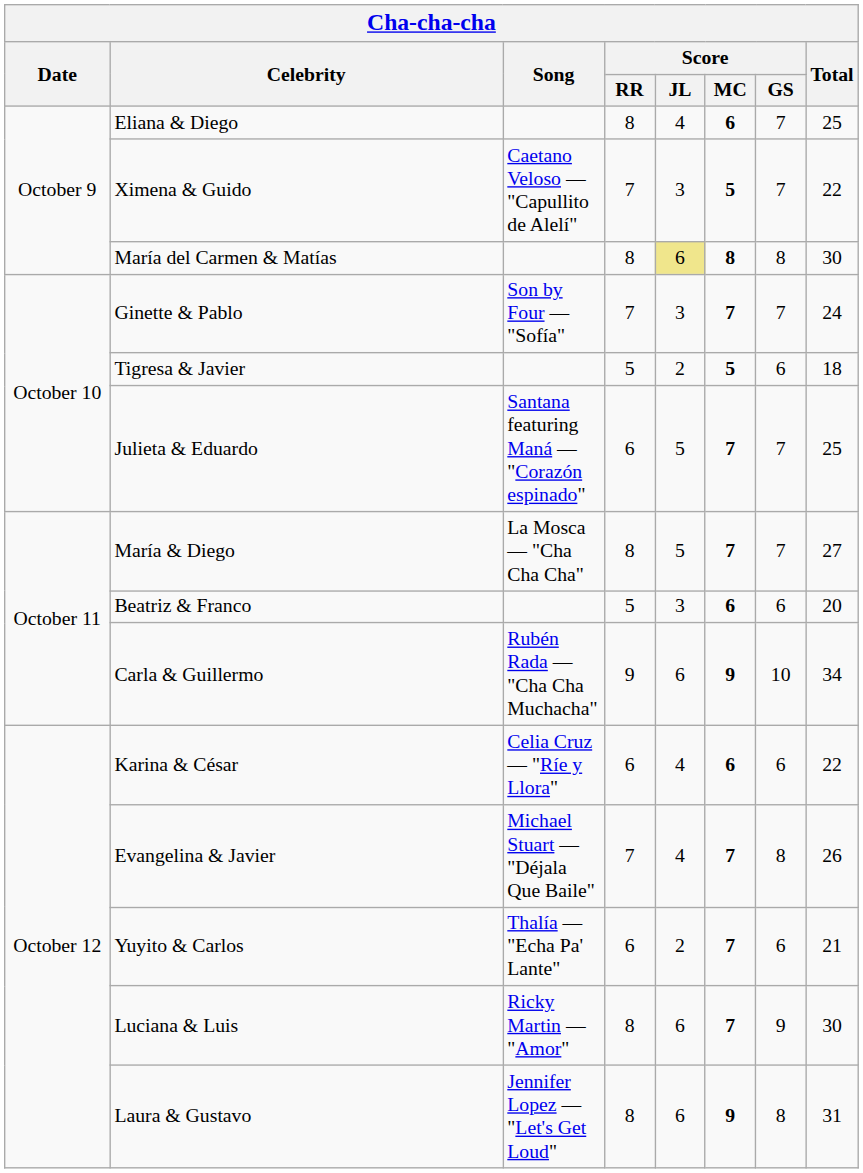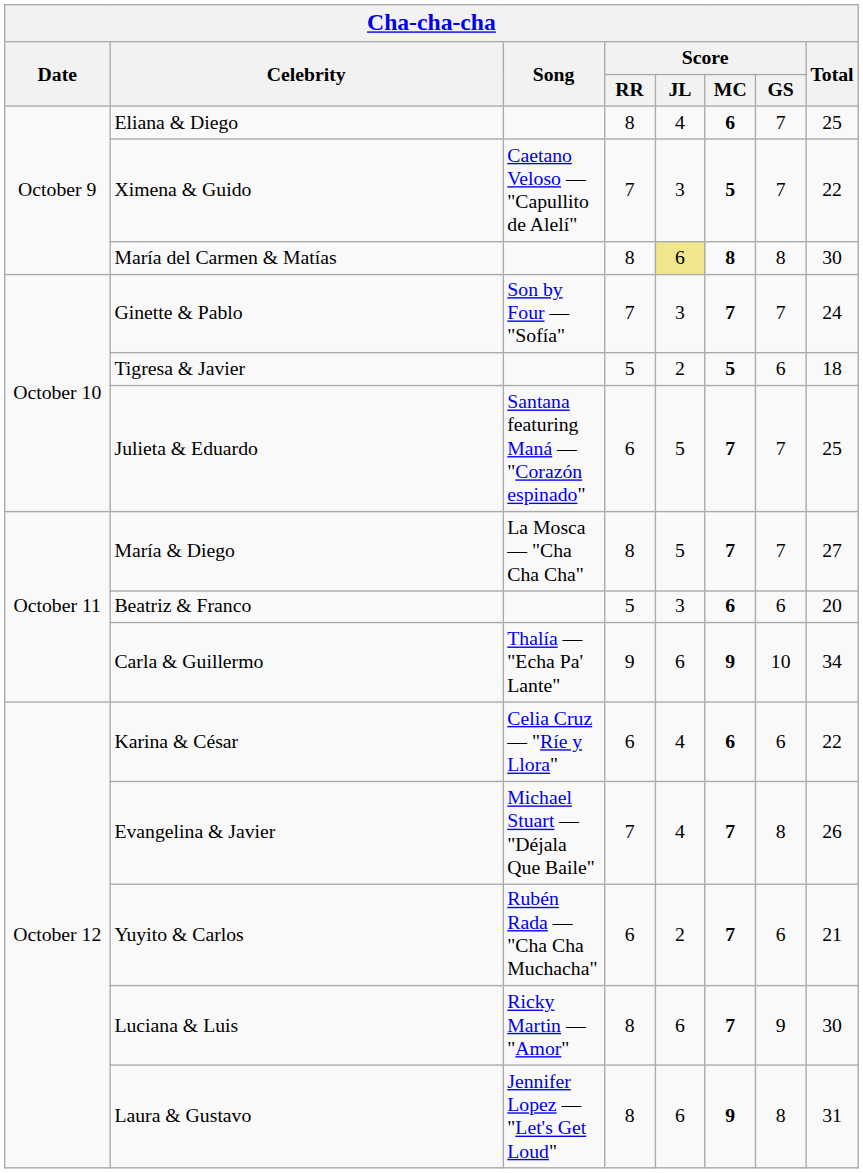 <table class="wikitable collapsible collapsed" style="font-size:90%; text-align: center; width: 100%;">
 <tr>
 <th colspan="11" style="with: 95%;"><big><a href='#'>Cha-cha-cha</a></big></th>
 </tr>
 <tr>
 <th width=70 rowspan="2">Date</th>
 <th width=280 rowspan="2">Celebrity</th>
 <th rowspan="2">Song</th>
 <th colspan="4">Score</th>
 <th rowspan="2">Total</th>
 </tr>
 <tr>
 <th width=30>RR</th>
 <th width=30>JL</th>
 <th width=30>MC</th>
 <th width=30>GS</th>
 </tr>
 <tr>
 <td rowspan="3">October 9</td>
 <td style="text-align:left;">Eliana & Diego</td>
 <td></td>
 <td>8</td>
 <td>4</td>
 <td><strong>6</strong></td>
 <td>7</td>
 <td>25</td>
 </tr>
 <tr>
 <td style="text-align:left;">Ximena & Guido</td>
 <td style="text-align:left;"><a href='#'>Caetano Veloso</a> — "Capullito de Alelí"</td>
 <td>7</td>
 <td>3</td>
 <td><strong>5</strong></td>
 <td>7</td>
 <td>22</td>
 </tr>
 <tr>
 <td style="text-align:left;">María del Carmen & Matías</td>
 <td></td>
 <td>8</td>
 <td style="background: khaki;">6</td>
 <td><strong>8</strong></td>
 <td>8</td>
 <td>30</td>
 </tr>
 <tr>
 <td rowspan="3">October 10</td>
 <td style="text-align:left;">Ginette & Pablo</td>
 <td style="text-align:left;"><a href='#'>Son by Four</a> — "Sofía"</td>
 <td>7</td>
 <td>3</td>
 <td><strong>7</strong></td>
 <td>7</td>
 <td>24</td>
 </tr>
 <tr>
 <td style="text-align:left;">Tigresa & Javier</td>
 <td></td>
 <td>5</td>
 <td>2</td>
 <td><strong>5</strong></td>
 <td>6</td>
 <td>18</td>
 </tr>
 <tr>
 <td style="text-align:left;">Julieta & Eduardo</td>
 <td style="text-align:left;"><a href='#'>Santana</a> featuring <a href='#'>Maná</a> — "<a href='#'>Corazón espinado</a>"</td>
 <td>6</td>
 <td>5</td>
 <td><strong>7</strong></td>
 <td>7</td>
 <td>25</td>
 </tr>
 <tr>
 <td rowspan="3">October 11</td>
 <td style="text-align:left;">María & Diego</td>
 <td style="text-align:left;">La Mosca — "Cha Cha Cha"</td>
 <td>8</td>
 <td>5</td>
 <td><strong>7</strong></td>
 <td>7</td>
 <td>27</td>
 </tr>
 <tr>
 <td style="text-align:left;">Beatriz & Franco</td>
 <td></td>
 <td>5</td>
 <td>3</td>
 <td><strong>6</strong></td>
 <td>6</td>
 <td>20</td>
 </tr>
 <tr>
 <td style="text-align:left;">Carla & Guillermo</td>
-<td style="text-align:left;"><a href='#'>Rubén Rada</a> — "Cha Cha Muchacha"</td>
+<td style="text-align:left;"><a href='#'>Thalía</a> — "Echa Pa' Lante"</td>
 <td>9</td>
 <td>6</td>
 <td><strong>9</strong></td>
 <td>10</td>
 <td>34</td>
 </tr>
 <tr>
 <td rowspan="5">October 12</td>
 <td style="text-align:left;">Karina & César</td>
 <td style="text-align:left;"><a href='#'>Celia Cruz</a> — "<a href='#'>Ríe y Llora</a>"</td>
 <td>6</td>
 <td>4</td>
 <td><strong>6</strong></td>
 <td>6</td>
 <td>22</td>
 </tr>
 <tr>
 <td style="text-align:left;">Evangelina & Javier</td>
 <td style="text-align:left;"><a href='#'>Michael Stuart</a> — "Déjala Que Baile"</td>
 <td>7</td>
 <td>4</td>
 <td><strong>7</strong></td>
 <td>8</td>
 <td>26</td>
 </tr>
 <tr>
 <td style="text-align:left;">Yuyito & Carlos</td>
-<td style="text-align:left;"><a href='#'>Thalía</a> — "Echa Pa' Lante"</td>
+<td style="text-align:left;"><a href='#'>Rubén Rada</a> — "Cha Cha Muchacha"</td>
 <td>6</td>
 <td>2</td>
 <td><strong>7</strong></td>
 <td>6</td>
 <td>21</td>
 </tr>
 <tr>
 <td style="text-align:left;">Luciana & Luis</td>
 <td style="text-align:left;"><a href='#'>Ricky Martin</a> — "<a href='#'>Amor</a>"</td>
 <td>8</td>
 <td>6</td>
 <td><strong>7</strong></td>
 <td>9</td>
 <td>30</td>
 </tr>
 <tr>
 <td style="text-align:left;">Laura & Gustavo</td>
 <td style="text-align:left;"><a href='#'>Jennifer Lopez</a> — "<a href='#'>Let's Get Loud</a>"</td>
 <td>8</td>
 <td>6</td>
 <td><strong>9</strong></td>
 <td>8</td>
 <td>31</td>
 </tr>
 </table>
